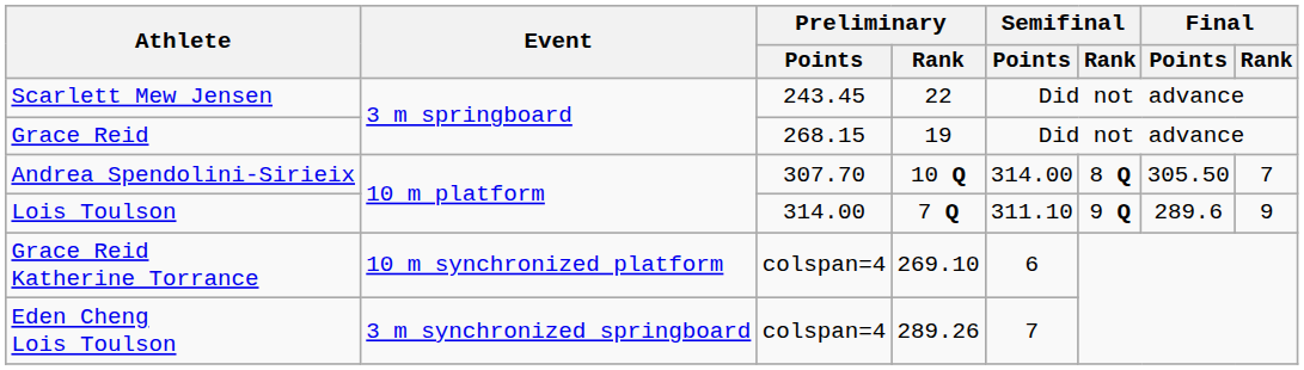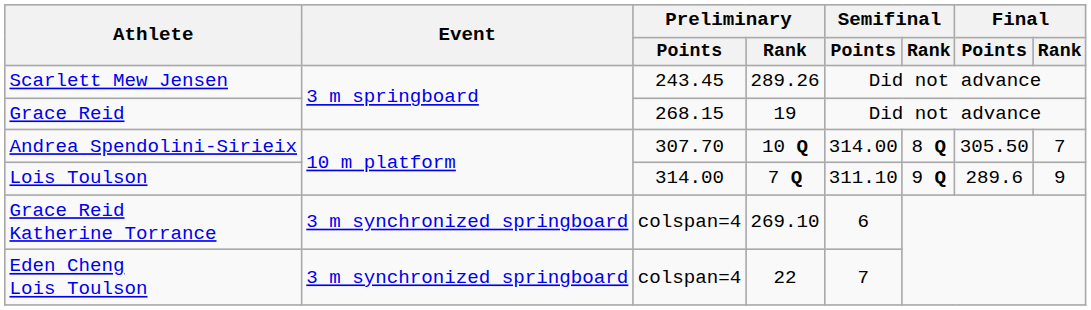 <table class=wikitable style=font-size:90%;text-align:center>
 <tr>
 <th rowspan=2>Athlete</th>
 <th rowspan=2>Event</th>
 <th colspan=2>Preliminary</th>
 <th colspan=2>Semifinal</th>
 <th colspan=2>Final</th>
 </tr>
 <tr style=font-size:95%>
 <th>Points</th>
 <th>Rank</th>
 <th>Points</th>
 <th>Rank</th>
 <th>Points</th>
 <th>Rank</th>
 </tr>
 <tr>
 <td align=left><a href='#'>Scarlett Mew Jensen</a></td>
 <td align=left rowspan=2><a href='#'>3 m springboard</a></td>
 <td>243.45</td>
-<td>22</td>
+<td>289.26</td>
 <td colspan=4>Did not advance</td>
 </tr>
 <tr>
 <td align=left><a href='#'>Grace Reid</a></td>
 <td>268.15</td>
 <td>19</td>
 <td colspan=4>Did not advance</td>
 </tr>
 <tr>
 <td align=left><a href='#'>Andrea Spendolini-Sirieix</a></td>
 <td align=left rowspan=2><a href='#'>10 m platform</a></td>
 <td>307.70</td>
 <td>10 <strong>Q</strong></td>
 <td>314.00</td>
 <td>8 <strong>Q</strong></td>
 <td>305.50</td>
 <td>7</td>
 </tr>
 <tr>
 <td align=left><a href='#'>Lois Toulson</a></td>
 <td>314.00</td>
 <td>7 <strong>Q</strong></td>
 <td>311.10</td>
 <td>9 <strong>Q</strong></td>
 <td>289.6</td>
 <td>9</td>
 </tr>
 <tr>
 <td align=left><a href='#'>Grace Reid</a><br><a href='#'>Katherine Torrance</a></td>
-<td align=left><a href='#'>10 m synchronized platform</a></td>
+<td align=left><a href='#'>3 m synchronized springboard</a></td>
 <td>colspan=4 </td>
 <td>269.10</td>
 <td>6</td>
 </tr>
 <tr>
 <td align=left><a href='#'>Eden Cheng</a><br><a href='#'>Lois Toulson</a></td>
 <td align=left><a href='#'>3 m synchronized springboard</a></td>
 <td>colspan=4 </td>
-<td>289.26</td>
+<td>22</td>
 <td>7</td>
 </tr>
 </table>
